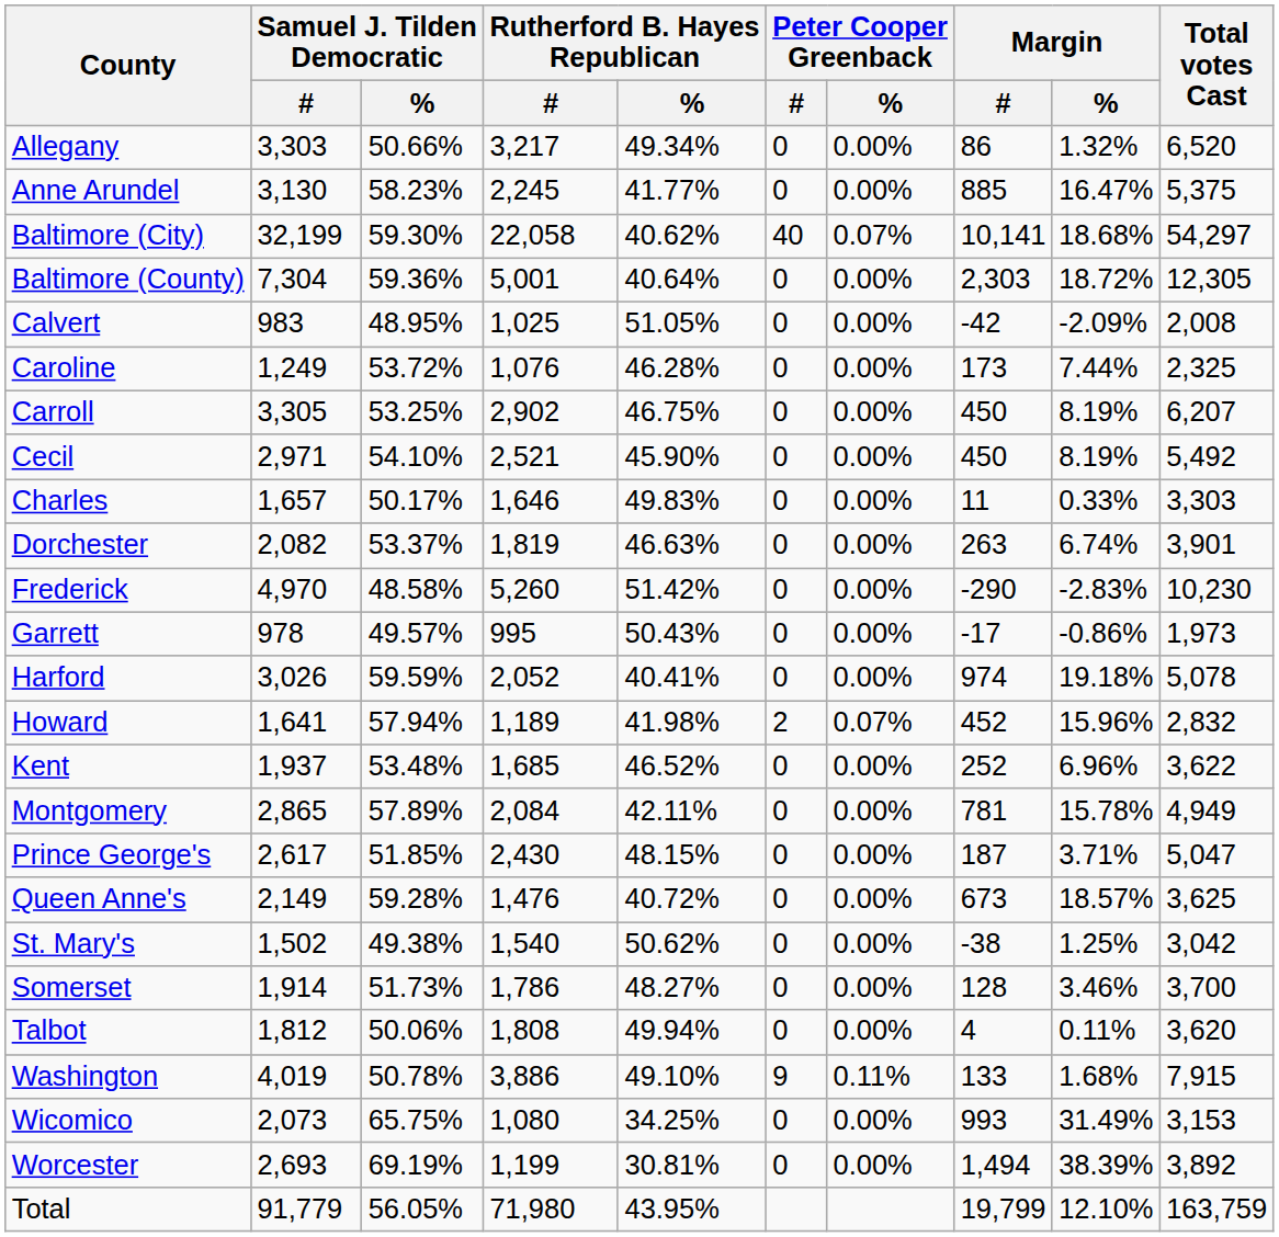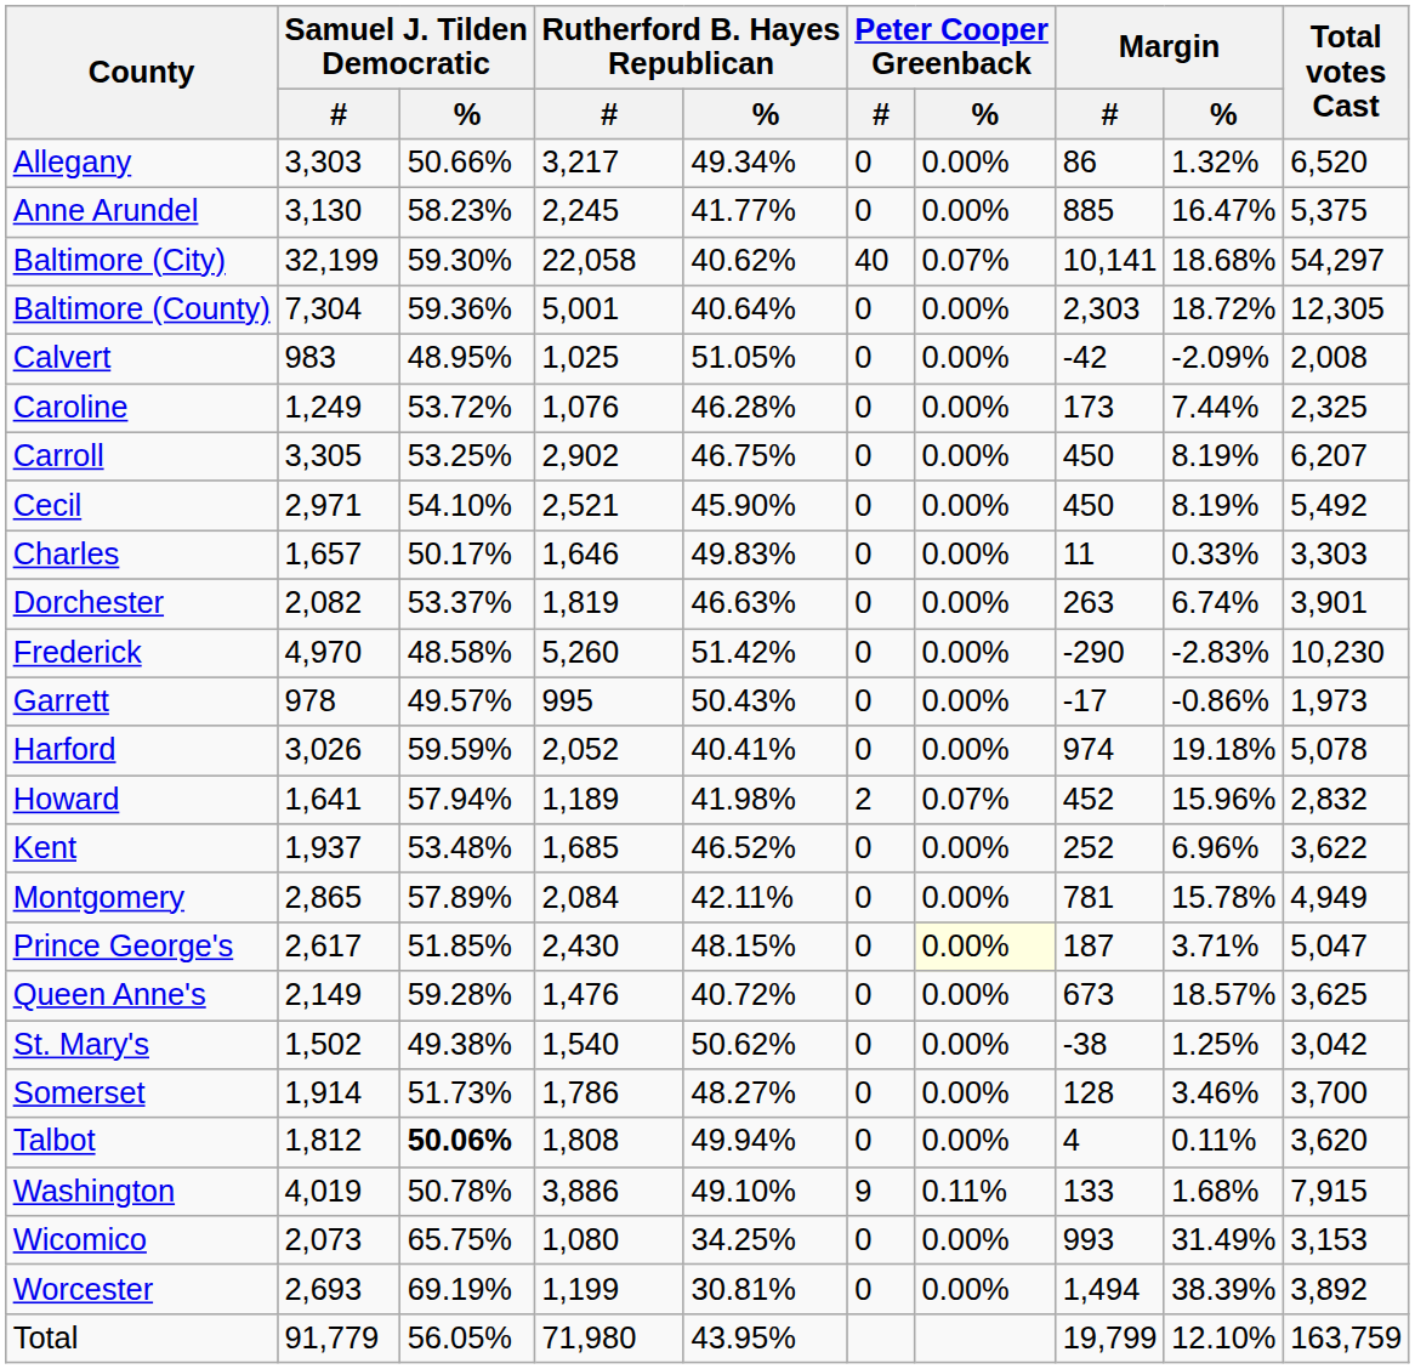 <table class="wikitable sortable">
 <tr>
 <th rowspan="2">County</th>
 <th colspan="2" >Samuel J. Tilden<br>Democratic</th>
 <th colspan="2" >Rutherford B. Hayes<br>Republican</th>
 <th colspan="2" ><a href='#'>Peter Cooper</a><br>Greenback</th>
 <th colspan="2">Margin</th>
 <th rowspan="2">Total<br>votes<br>Cast </th>
 </tr>
 <tr>
 <th>#</th>
 <th>%</th>
 <th>#</th>
 <th>%</th>
 <th>#</th>
 <th>%</th>
 <th>#</th>
 <th>%</th>
 </tr>
 <tr>
 <td><a href='#'>Allegany</a></td>
 <td>3,303</td>
 <td>50.66%</td>
 <td>3,217</td>
 <td>49.34%</td>
 <td>0</td>
 <td>0.00%</td>
 <td>86</td>
 <td>1.32%</td>
 <td>6,520</td>
 </tr>
 <tr>
 <td><a href='#'>Anne Arundel</a></td>
 <td>3,130</td>
 <td>58.23%</td>
 <td>2,245</td>
 <td>41.77%</td>
 <td>0</td>
 <td>0.00%</td>
 <td>885</td>
 <td>16.47%</td>
 <td>5,375</td>
 </tr>
 <tr>
 <td><a href='#'>Baltimore (City)</a></td>
 <td>32,199</td>
 <td>59.30%</td>
 <td>22,058</td>
 <td>40.62%</td>
 <td>40</td>
 <td>0.07%</td>
 <td>10,141</td>
 <td>18.68%</td>
 <td>54,297</td>
 </tr>
 <tr>
 <td><a href='#'>Baltimore (County)</a></td>
 <td>7,304</td>
 <td>59.36%</td>
 <td>5,001</td>
 <td>40.64%</td>
 <td>0</td>
 <td>0.00%</td>
 <td>2,303</td>
 <td>18.72%</td>
 <td>12,305</td>
 </tr>
 <tr>
 <td><a href='#'>Calvert</a></td>
 <td>983</td>
 <td>48.95%</td>
 <td>1,025</td>
 <td>51.05%</td>
 <td>0</td>
 <td>0.00%</td>
 <td>-42</td>
 <td>-2.09%</td>
 <td>2,008</td>
 </tr>
 <tr>
 <td><a href='#'>Caroline</a></td>
 <td>1,249</td>
 <td>53.72%</td>
 <td>1,076</td>
 <td>46.28%</td>
 <td>0</td>
 <td>0.00%</td>
 <td>173</td>
 <td>7.44%</td>
 <td>2,325</td>
 </tr>
 <tr>
 <td><a href='#'>Carroll</a></td>
 <td>3,305</td>
 <td>53.25%</td>
 <td>2,902</td>
 <td>46.75%</td>
 <td>0</td>
 <td>0.00%</td>
 <td>450</td>
 <td>8.19%</td>
 <td>6,207</td>
 </tr>
 <tr>
 <td><a href='#'>Cecil</a></td>
 <td>2,971</td>
 <td>54.10%</td>
 <td>2,521</td>
 <td>45.90%</td>
 <td>0</td>
 <td>0.00%</td>
 <td>450</td>
 <td>8.19%</td>
 <td>5,492</td>
 </tr>
 <tr>
 <td><a href='#'>Charles</a></td>
 <td>1,657</td>
 <td>50.17%</td>
 <td>1,646</td>
 <td>49.83%</td>
 <td>0</td>
 <td>0.00%</td>
 <td>11</td>
 <td>0.33%</td>
 <td>3,303</td>
 </tr>
 <tr>
 <td><a href='#'>Dorchester</a></td>
 <td>2,082</td>
 <td>53.37%</td>
 <td>1,819</td>
 <td>46.63%</td>
 <td>0</td>
 <td>0.00%</td>
 <td>263</td>
 <td>6.74%</td>
 <td>3,901</td>
 </tr>
 <tr>
 <td><a href='#'>Frederick</a></td>
 <td>4,970</td>
 <td>48.58%</td>
 <td>5,260</td>
 <td>51.42%</td>
 <td>0</td>
 <td>0.00%</td>
 <td>-290</td>
 <td>-2.83%</td>
 <td>10,230</td>
 </tr>
 <tr>
 <td><a href='#'>Garrett</a></td>
 <td>978</td>
 <td>49.57%</td>
 <td>995</td>
 <td>50.43%</td>
 <td>0</td>
 <td>0.00%</td>
 <td>-17</td>
 <td>-0.86%</td>
 <td>1,973</td>
 </tr>
 <tr>
 <td><a href='#'>Harford</a></td>
 <td>3,026</td>
 <td>59.59%</td>
 <td>2,052</td>
 <td>40.41%</td>
 <td>0</td>
 <td>0.00%</td>
 <td>974</td>
 <td>19.18%</td>
 <td>5,078</td>
 </tr>
 <tr>
 <td><a href='#'>Howard</a></td>
 <td>1,641</td>
 <td>57.94%</td>
 <td>1,189</td>
 <td>41.98%</td>
 <td>2</td>
 <td>0.07%</td>
 <td>452</td>
 <td>15.96%</td>
 <td>2,832</td>
 </tr>
 <tr>
 <td><a href='#'>Kent</a></td>
 <td>1,937</td>
 <td>53.48%</td>
 <td>1,685</td>
 <td>46.52%</td>
 <td>0</td>
 <td>0.00%</td>
 <td>252</td>
 <td>6.96%</td>
 <td>3,622</td>
 </tr>
 <tr>
 <td><a href='#'>Montgomery</a></td>
 <td>2,865</td>
 <td>57.89%</td>
 <td>2,084</td>
 <td>42.11%</td>
 <td>0</td>
 <td>0.00%</td>
 <td>781</td>
 <td>15.78%</td>
 <td>4,949</td>
 </tr>
 <tr>
 <td><a href='#'>Prince George's</a></td>
 <td>2,617</td>
 <td>51.85%</td>
 <td>2,430</td>
 <td>48.15%</td>
 <td>0</td>
-<td>0.00%</td>
+<td style="background: lightyellow;">0.00%</td>
 <td>187</td>
 <td>3.71%</td>
 <td>5,047</td>
 </tr>
 <tr>
 <td><a href='#'>Queen Anne's</a></td>
 <td>2,149</td>
 <td>59.28%</td>
 <td>1,476</td>
 <td>40.72%</td>
 <td>0</td>
 <td>0.00%</td>
 <td>673</td>
 <td>18.57%</td>
 <td>3,625</td>
 </tr>
 <tr>
 <td><a href='#'>St. Mary's</a></td>
 <td>1,502</td>
 <td>49.38%</td>
 <td>1,540</td>
 <td>50.62%</td>
 <td>0</td>
 <td>0.00%</td>
 <td>-38</td>
 <td>1.25%</td>
 <td>3,042</td>
 </tr>
 <tr>
 <td><a href='#'>Somerset</a></td>
 <td>1,914</td>
 <td>51.73%</td>
 <td>1,786</td>
 <td>48.27%</td>
 <td>0</td>
 <td>0.00%</td>
 <td>128</td>
 <td>3.46%</td>
 <td>3,700</td>
 </tr>
 <tr>
 <td><a href='#'>Talbot</a></td>
 <td>1,812</td>
-<td>50.06%</td>
+<td><strong>50.06%</strong></td>
 <td>1,808</td>
 <td>49.94%</td>
 <td>0</td>
 <td>0.00%</td>
 <td>4</td>
 <td>0.11%</td>
 <td>3,620</td>
 </tr>
 <tr>
 <td><a href='#'>Washington</a></td>
 <td>4,019</td>
 <td>50.78%</td>
 <td>3,886</td>
 <td>49.10%</td>
 <td>9</td>
 <td>0.11%</td>
 <td>133</td>
 <td>1.68%</td>
 <td>7,915</td>
 </tr>
 <tr>
 <td><a href='#'>Wicomico</a></td>
 <td>2,073</td>
 <td>65.75%</td>
 <td>1,080</td>
 <td>34.25%</td>
 <td>0</td>
 <td>0.00%</td>
 <td>993</td>
 <td>31.49%</td>
 <td>3,153</td>
 </tr>
 <tr>
 <td><a href='#'>Worcester</a></td>
 <td>2,693</td>
 <td>69.19%</td>
 <td>1,199</td>
 <td>30.81%</td>
 <td>0</td>
 <td>0.00%</td>
 <td>1,494</td>
 <td>38.39%</td>
 <td>3,892</td>
 </tr>
 <tr>
 <td>Total</td>
 <td>91,779</td>
 <td>56.05%</td>
 <td>71,980</td>
 <td>43.95%</td>
 <td></td>
 <td></td>
 <td>19,799</td>
 <td>12.10%</td>
 <td>163,759</td>
 </tr>
 </table>
